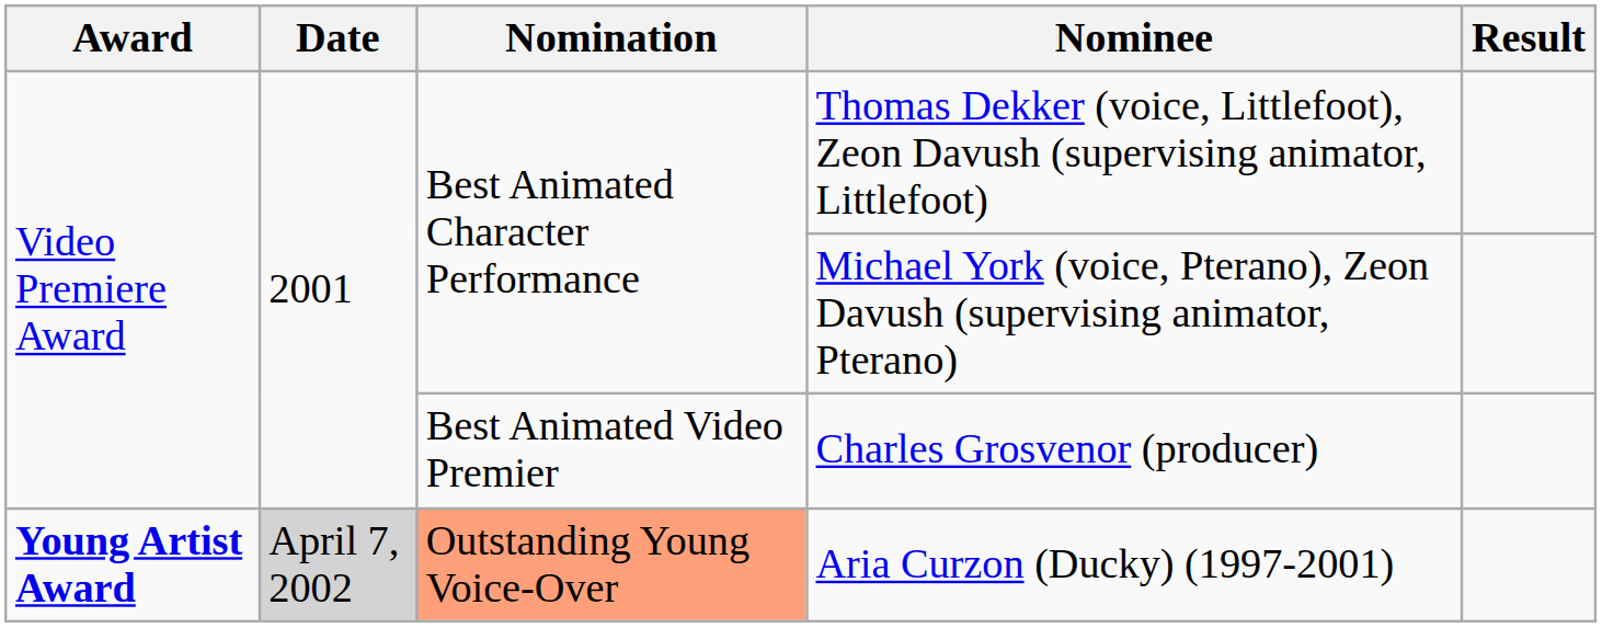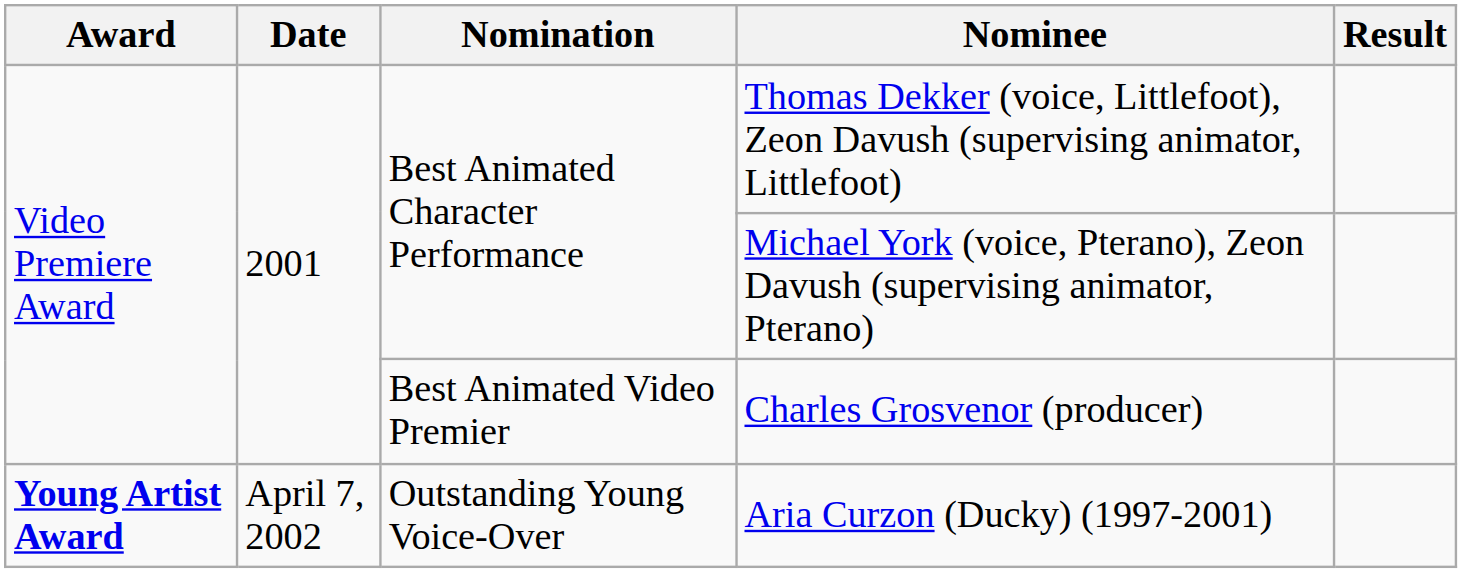 <table class="wikitable" width:100%;">
 <tr>
 <th>Award</th>
 <th>Date</th>
 <th>Nomination</th>
 <th>Nominee</th>
 <th>Result</th>
 </tr>
 <tr>
 <td rowspan=3><a href='#'>Video Premiere Award</a></td>
 <td rowspan=3>2001</td>
 <td rowspan=2>Best Animated Character Performance</td>
 <td><a href='#'>Thomas Dekker</a> (voice, Littlefoot), Zeon Davush (supervising animator, Littlefoot)</td>
 <td></td>
 </tr>
 <tr>
 <td><a href='#'>Michael York</a> (voice, Pterano), Zeon Davush (supervising animator, Pterano)</td>
 <td></td>
 </tr>
 <tr>
 <td>Best Animated Video Premier</td>
 <td><a href='#'>Charles Grosvenor</a> (producer)</td>
 <td></td>
 </tr>
 <tr>
 <td><strong><a href='#'>Young Artist Award</a></strong></td>
-<td style="background: lightgrey;">April 7, 2002</td>
-<td style="background: lightsalmon;">Outstanding Young Voice-Over</td>
+<td>April 7, 2002</td>
+<td>Outstanding Young Voice-Over</td>
 <td><a href='#'>Aria Curzon</a> (Ducky) (1997-2001)</td>
 <td></td>
 </tr>
 </table>
